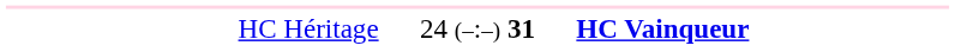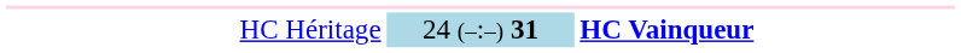 <table style="text-align:center" width=550>
 <tr>
 <th width=30%></th>
 <th width=15%></th>
 <th width=30%></th>
 </tr>
 <tr align="left" bgcolor=#ffd4e4>
 <td colspan=4></td>
 </tr>
 <tr>
 <td align="right"><a href='#'>HC Héritage</a> </td>
-<td>24 <small>(–</small>:<small>–)</small> <strong>31</strong></td>
+<td style="background: lightblue;">24 <small>(–</small>:<small>–)</small> <strong>31</strong></td>
 <td align=left> <strong><a href='#'>HC Vainqueur</a></strong></td>
 </tr>
 </table>
